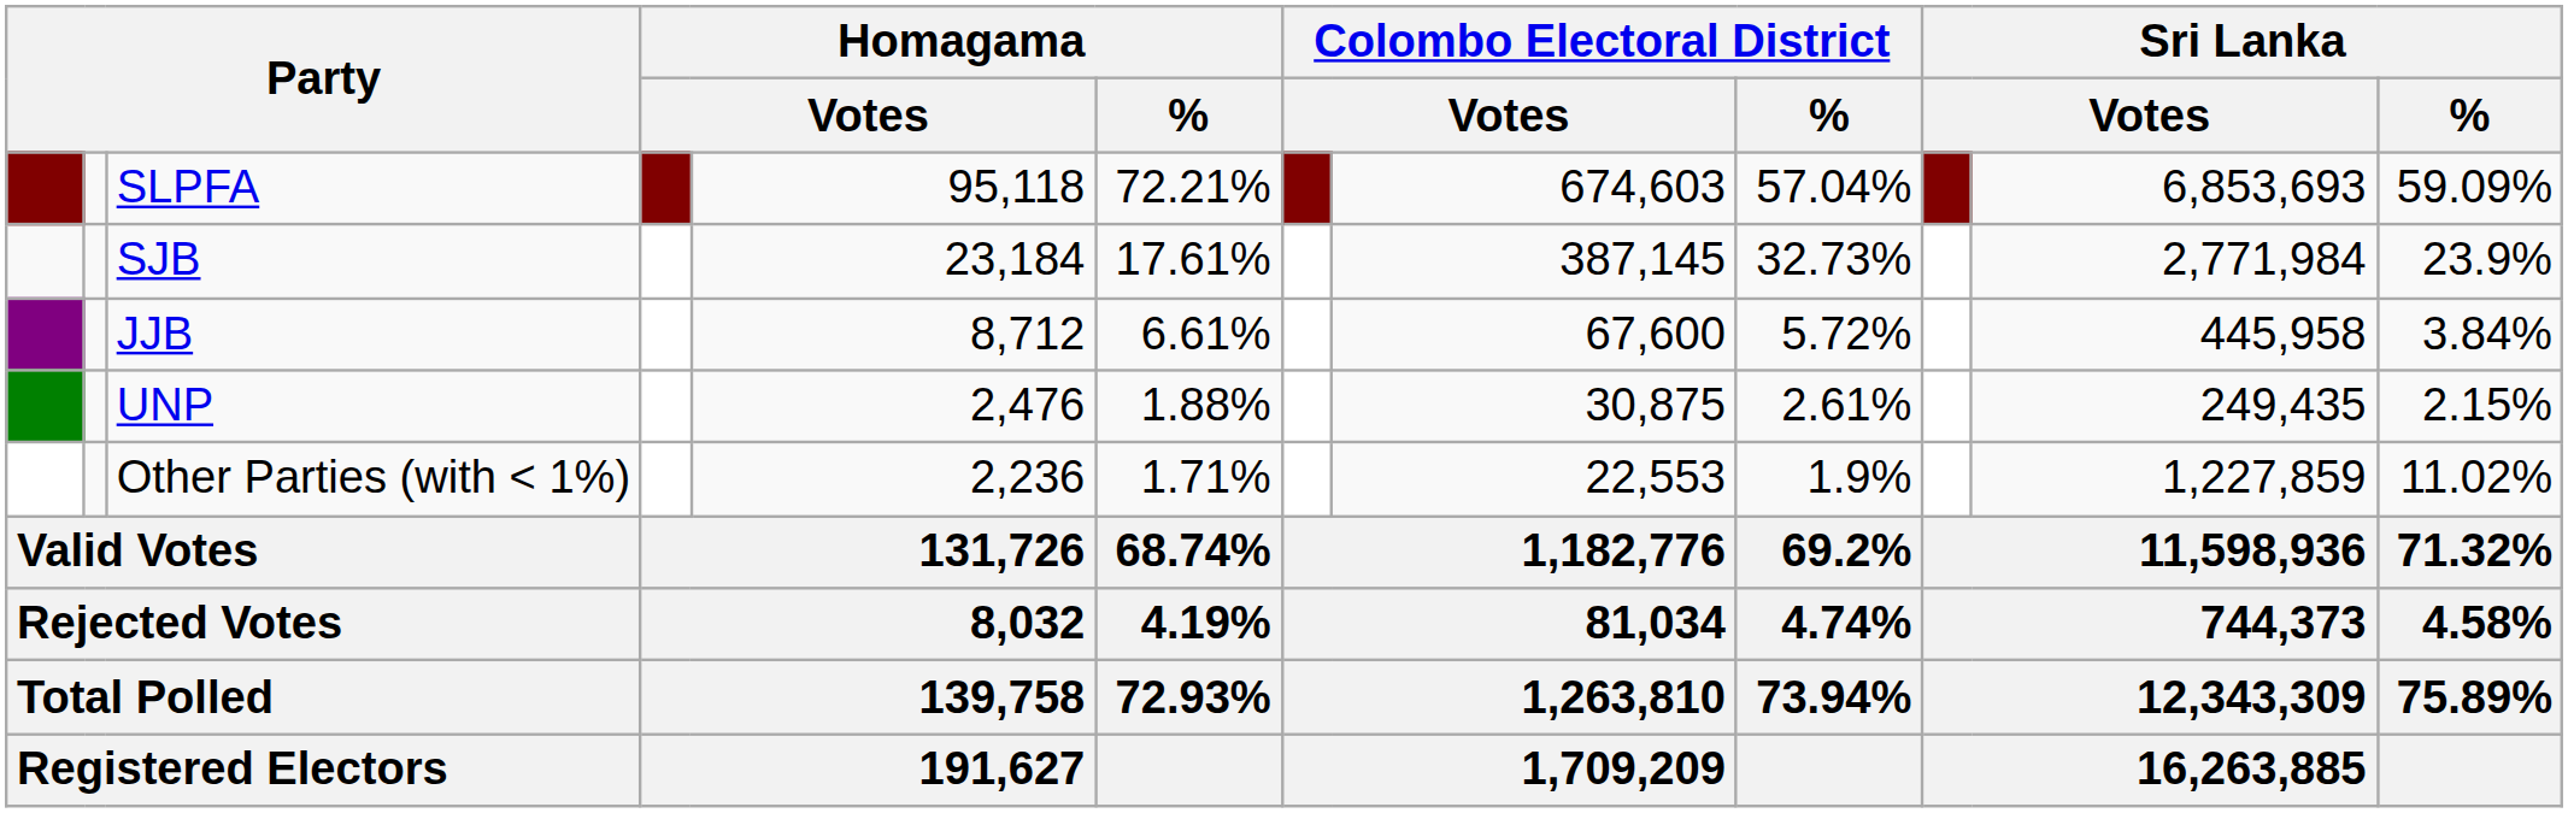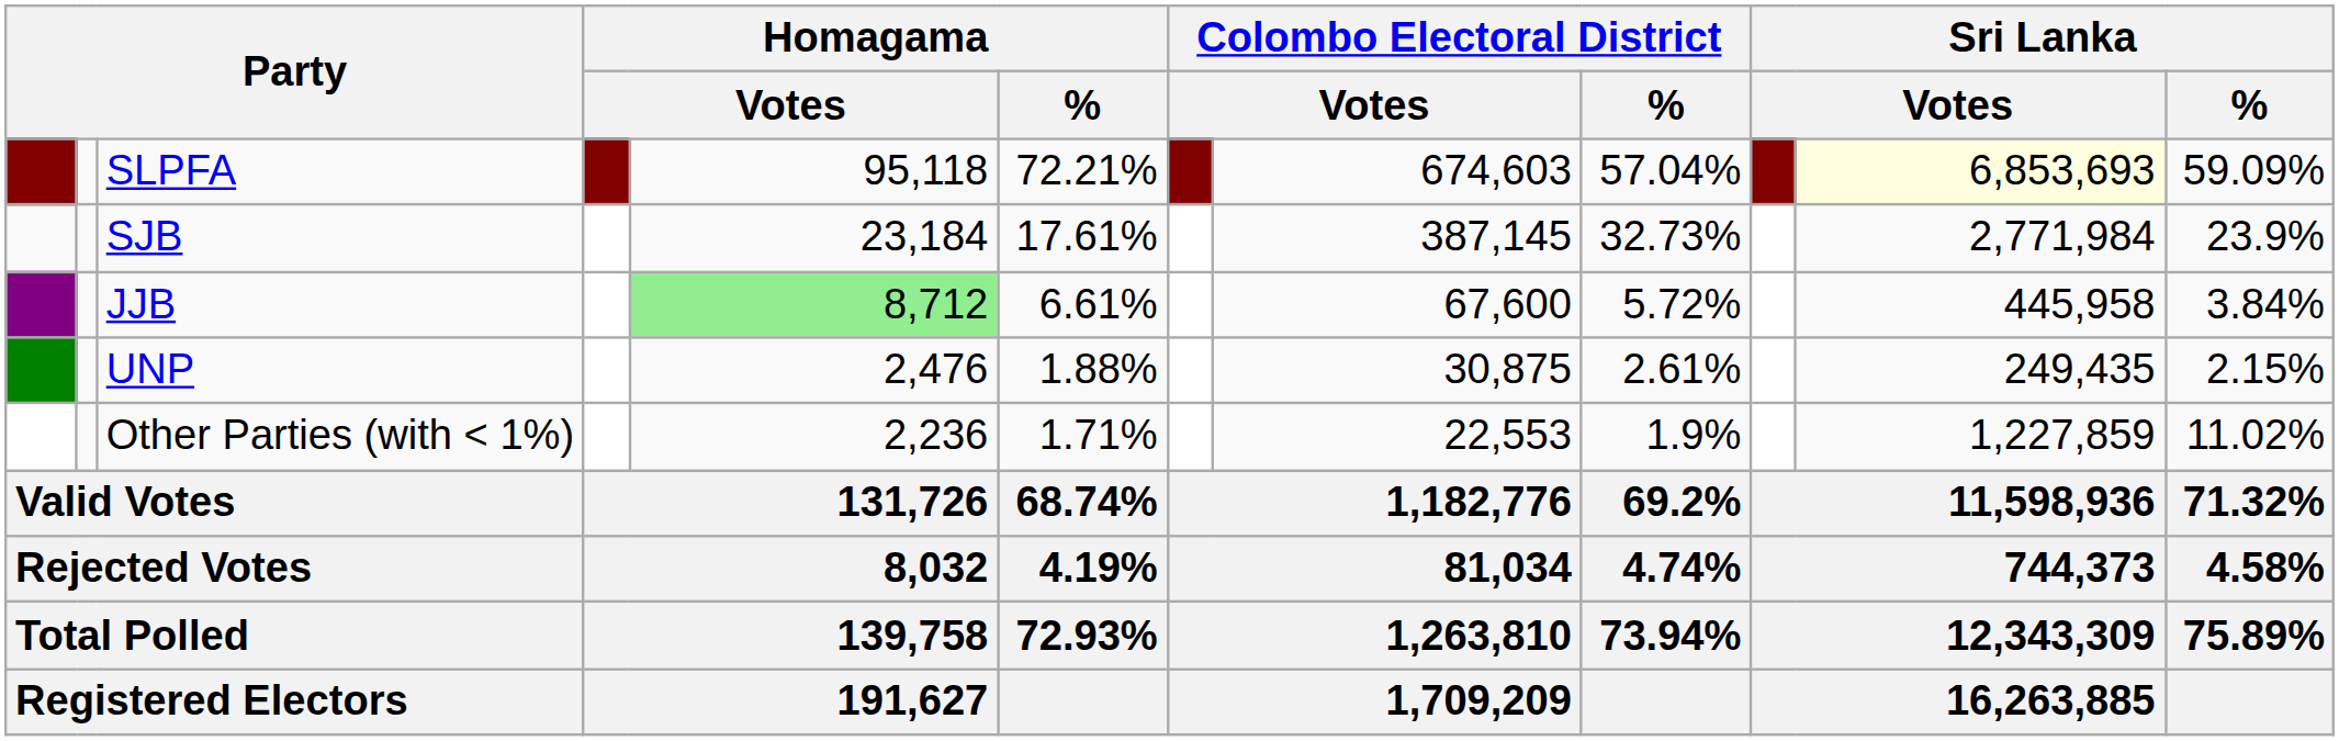 <table class="wikitable">
 <tr>
 <th colspan="3" width="144px"rowspan="2">Party</th>
 <th colspan="3" width="216px">Homagama</th>
 <th colspan="3" width="216px"><a href='#'>Colombo Electoral District</a></th>
 <th colspan="3" width="216px">Sri Lanka</th>
 </tr>
 <tr>
 <th colspan="2" width="144px">Votes</th>
 <th>%</th>
 <th colspan="2" width="144px">Votes</th>
 <th>%</th>
 <th colspan="2" width="144px">Votes</th>
 <th>%</th>
 </tr>
 <tr>
 <td style="background-color:maroon;" width="20px"></td>
 <td></td>
 <td style="text-align:left;"><a href='#'>SLPFA</a></td>
 <td style="background-color:maroon;" width="10px"></td>
 <td style="text-align:right;">95,118</td>
 <td style="text-align:right;">72.21%</td>
 <td style="background-color:maroon;" width="10px"></td>
 <td style="text-align:right;">674,603</td>
 <td style="text-align:right;">57.04%</td>
 <td style="background-color:maroon;" width="10px"></td>
-<td style="text-align:right;">6,853,693</td>
+<td style="background: lightyellow; text-align:right;">6,853,693</td>
 <td style="text-align:right;">59.09%</td>
 </tr>
 <tr>
 <td style="background-color:"></td>
 <td></td>
 <td style="text-align:left;"><a href='#'>SJB</a></td>
 <td style="background-color:white;" width="10px"></td>
 <td style="text-align:right;">23,184</td>
 <td style="text-align:right;">17.61%</td>
 <td style="background-color:white;" width="10px"></td>
 <td style="text-align:right;">387,145</td>
 <td style="text-align:right;">32.73%</td>
 <td style="background-color:white;" width="10px"></td>
 <td style="text-align:right;">2,771,984</td>
 <td style="text-align:right;">23.9%</td>
 </tr>
 <tr>
 <td style="background-color:purple;" width="20px"></td>
 <td></td>
 <td style="text-align:left;"><a href='#'>JJB</a></td>
 <td style="background-color:white;" width="10px"></td>
-<td style="text-align:right;">8,712</td>
+<td style="background: lightgreen; text-align:right;">8,712</td>
 <td style="text-align:right;">6.61%</td>
 <td style="background-color:white;" width="10px"></td>
 <td style="text-align:right;">67,600</td>
 <td style="text-align:right;">5.72%</td>
 <td style="background-color:white;" width="10px"></td>
 <td style="text-align:right;">445,958</td>
 <td style="text-align:right;">3.84%</td>
 </tr>
 <tr>
 <td style="background-color:green;" width="20px"></td>
 <td></td>
 <td style="text-align:left;"><a href='#'>UNP</a></td>
 <td style="background-color:white;" width="10px"></td>
 <td style="text-align:right;">2,476</td>
 <td style="text-align:right;">1.88%</td>
 <td style="background-color:white;" width="10px"></td>
 <td style="text-align:right;">30,875</td>
 <td style="text-align:right;">2.61%</td>
 <td style="background-color:white;" width="10px"></td>
 <td style="text-align:right;">249,435</td>
 <td style="text-align:right;">2.15%</td>
 </tr>
 <tr>
 <td style="background-color:white;" width="20px"></td>
 <td></td>
 <td style="text-align:left;">Other Parties (with < 1%)</td>
 <td style="background-color:white;" width="10px"></td>
 <td style="text-align:right;">2,236</td>
 <td style="text-align:right;">1.71%</td>
 <td style="background-color:white;" width="10px"></td>
 <td style="text-align:right;">22,553</td>
 <td style="text-align:right;">1.9%</td>
 <td style="background-color:white;" width="10px"></td>
 <td style="text-align:right;">1,227,859</td>
 <td style="text-align:right;">11.02%</td>
 </tr>
 <tr>
 <th colspan="3" width="144px"style="text-align:left;">Valid Votes</th>
 <th style="text-align:right;"colspan="2" width="144px">131,726</th>
 <th style="text-align:right;">68.74%</th>
 <th style="text-align:right;"colspan="2" width="144px">1,182,776</th>
 <th style="text-align:right;">69.2%</th>
 <th style="text-align:right;"colspan="2" width="144px">11,598,936</th>
 <th style="text-align:right;">71.32%</th>
 </tr>
 <tr>
 <th colspan="3" width="144px"style="text-align:left;">Rejected Votes</th>
 <th style="text-align:right;"colspan="2" width="144px">8,032</th>
 <th style="text-align:right;">4.19%</th>
 <th style="text-align:right;"colspan="2" width="144px">81,034</th>
 <th style="text-align:right;">4.74%</th>
 <th style="text-align:right;"colspan="2" width="144px">744,373</th>
 <th style="text-align:right;">4.58%</th>
 </tr>
 <tr>
 <th colspan="3" width="144px"style="text-align:left;">Total Polled</th>
 <th style="text-align:right;"colspan="2" width="144px">139,758</th>
 <th style="text-align:right;">72.93%</th>
 <th style="text-align:right;"colspan="2" width="144px">1,263,810</th>
 <th style="text-align:right;">73.94%</th>
 <th style="text-align:right;"colspan="2" width="144px">12,343,309</th>
 <th style="text-align:right;">75.89%</th>
 </tr>
 <tr>
 <th colspan="3" width="144px"style="text-align:left;">Registered Electors</th>
 <th style="text-align:right;"colspan="2" width="144px">191,627</th>
 <th></th>
 <th style="text-align:right;"colspan="2" width="144px">1,709,209</th>
 <th></th>
 <th style="text-align:right;"colspan="2" width="144px">16,263,885</th>
 <th></th>
 </tr>
 </table>
